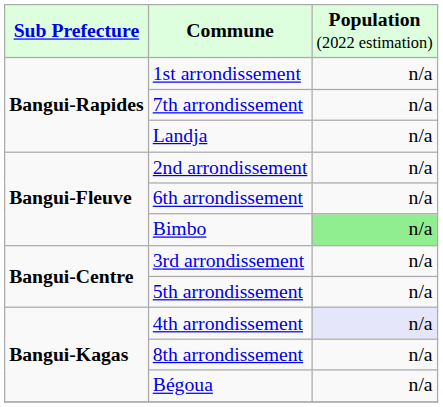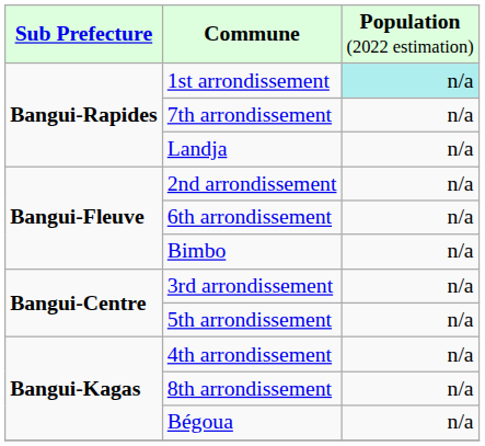 <table class="wikitable centre">
 <tr style="background: #DDFFDD;">
 <td align="center"><strong><a href='#'>Sub Prefecture</a></strong></td>
 <td align="center"><strong>Commune</strong></td>
 <td align="center"><strong>Population</strong><br><small>(2022 estimation)</small></td>
 </tr>
 <tr>
 <td rowspan="3"><strong>Bangui-Rapides</strong></td>
 <td><a href='#'>1st arrondissement</a></td>
-<td align="right">n/a</td>
+<td align="right" style="background: paleturquoise;">n/a</td>
 </tr>
 <tr>
 <td><a href='#'>7th arrondissement</a></td>
 <td align="right">n/a</td>
 </tr>
 <tr>
 <td><a href='#'>Landja</a></td>
 <td align="right">n/a</td>
 </tr>
 <tr>
 <td rowspan="3"><strong>Bangui-Fleuve</strong></td>
 <td><a href='#'>2nd arrondissement</a></td>
 <td align="right">n/a</td>
 </tr>
 <tr>
 <td><a href='#'>6th arrondissement</a></td>
 <td align="right">n/a</td>
 </tr>
 <tr>
 <td><a href='#'>Bimbo</a></td>
-<td align="right" style="background: lightgreen;">n/a</td>
+<td align="right">n/a</td>
 </tr>
 <tr>
 <td rowspan="2"><strong>Bangui-Centre</strong></td>
 <td><a href='#'>3rd arrondissement</a></td>
 <td align="right">n/a</td>
 </tr>
 <tr>
 <td><a href='#'>5th arrondissement</a></td>
 <td align="right">n/a</td>
 </tr>
 <tr>
 <td rowspan="3"><strong>Bangui-Kagas</strong></td>
 <td><a href='#'>4th arrondissement</a></td>
-<td align="right" style="background: lavender;">n/a</td>
+<td align="right">n/a</td>
 </tr>
 <tr>
 <td><a href='#'>8th arrondissement</a></td>
 <td align="right">n/a</td>
 </tr>
 <tr>
 <td><a href='#'>Bégoua</a></td>
 <td align="right">n/a</td>
 </tr>
 <tr>
 </tr>
 </table>
